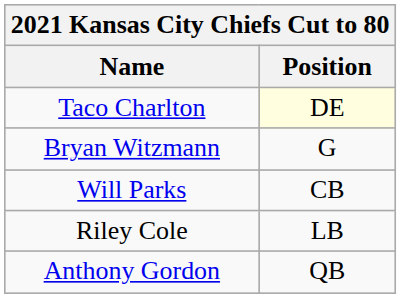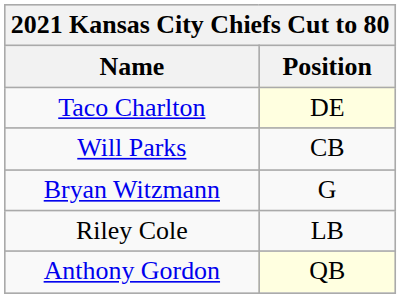 <table class="wikitable" style="text-align:center">
 <tr>
 <th colspan=2>2021 Kansas City Chiefs Cut to 80</th>
 </tr>
 <tr>
 <th>Name</th>
 <th>Position</th>
 </tr>
 <tr>
 <td><a href='#'>Taco Charlton</a></td>
 <td style="background: lightyellow;">DE</td>
 </tr>
 <tr>
+<td><a href='#'>Will Parks</a></td>
+<td>CB</td>
+</tr>
+<tr>
 <td><a href='#'>Bryan Witzmann</a></td>
 <td>G</td>
-</tr>
-<tr>
-<td><a href='#'>Will Parks</a></td>
-<td>CB</td>
 </tr>
 <tr>
 <td>Riley Cole</td>
 <td>LB</td>
 </tr>
 <tr>
 <td><a href='#'>Anthony Gordon</a></td>
-<td>QB</td>
+<td style="background: lightyellow;">QB</td>
 </tr>
 </table>
